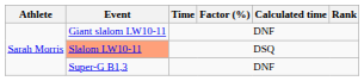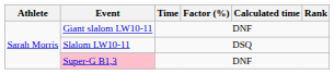 <table class="wikitable" style="font-size:90%">
 <tr>
 <th>Athlete</th>
 <th>Event</th>
 <th>Time</th>
 <th>Factor (%)</th>
 <th>Calculated time</th>
 <th>Rank</th>
 </tr>
 <tr>
 <td rowspan=3><a href='#'>Sarah Morris</a></td>
 <td><a href='#'>Giant slalom LW10-11</a></td>
 <td align=center colspan=4>DNF</td>
 </tr>
 <tr>
-<td style="background: lightsalmon;"><a href='#'>Slalom LW10-11</a></td>
+<td><a href='#'>Slalom LW10-11</a></td>
 <td align=center colspan=4>DSQ</td>
 </tr>
 <tr>
-<td><a href='#'>Super-G B1,3</a></td>
+<td style="background: pink;"><a href='#'>Super-G B1,3</a></td>
 <td align=center colspan=4>DNF</td>
 </tr>
 </table>
